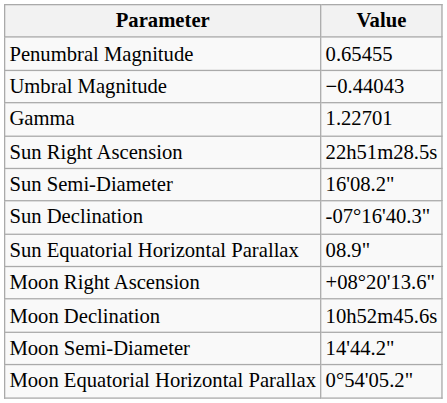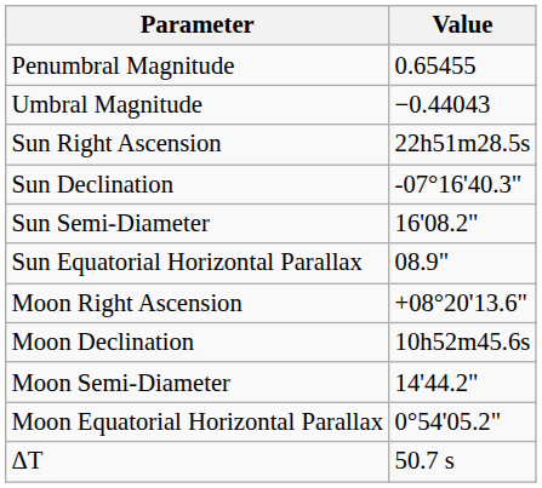 <table class="wikitable">
 <tr>
 <th>Parameter</th>
 <th>Value</th>
 </tr>
 <tr>
 <td>Penumbral Magnitude</td>
 <td>0.65455</td>
 </tr>
 <tr>
 <td>Umbral Magnitude</td>
 <td>−0.44043</td>
 </tr>
 <tr>
-<td>Gamma</td>
-<td>1.22701</td>
-</tr>
-<tr>
 <td>Sun Right Ascension</td>
 <td>22h51m28.5s</td>
 </tr>
 <tr>
+<td>Sun Declination</td>
+<td>-07°16'40.3"</td>
+</tr>
+<tr>
 <td>Sun Semi-Diameter</td>
 <td>16'08.2"</td>
-</tr>
-<tr>
-<td>Sun Declination</td>
-<td>-07°16'40.3"</td>
 </tr>
 <tr>
 <td>Sun Equatorial Horizontal Parallax</td>
 <td>08.9"</td>
 </tr>
 <tr>
 <td>Moon Right Ascension</td>
 <td>+08°20'13.6"</td>
 </tr>
 <tr>
 <td>Moon Declination</td>
 <td>10h52m45.6s</td>
 </tr>
 <tr>
 <td>Moon Semi-Diameter</td>
 <td>14'44.2"</td>
 </tr>
 <tr>
 <td>Moon Equatorial Horizontal Parallax</td>
 <td>0°54'05.2"</td>
 </tr>
+<tr>
+<td>ΔT</td>
+<td>50.7 s</td>
+</tr>
 </table>
